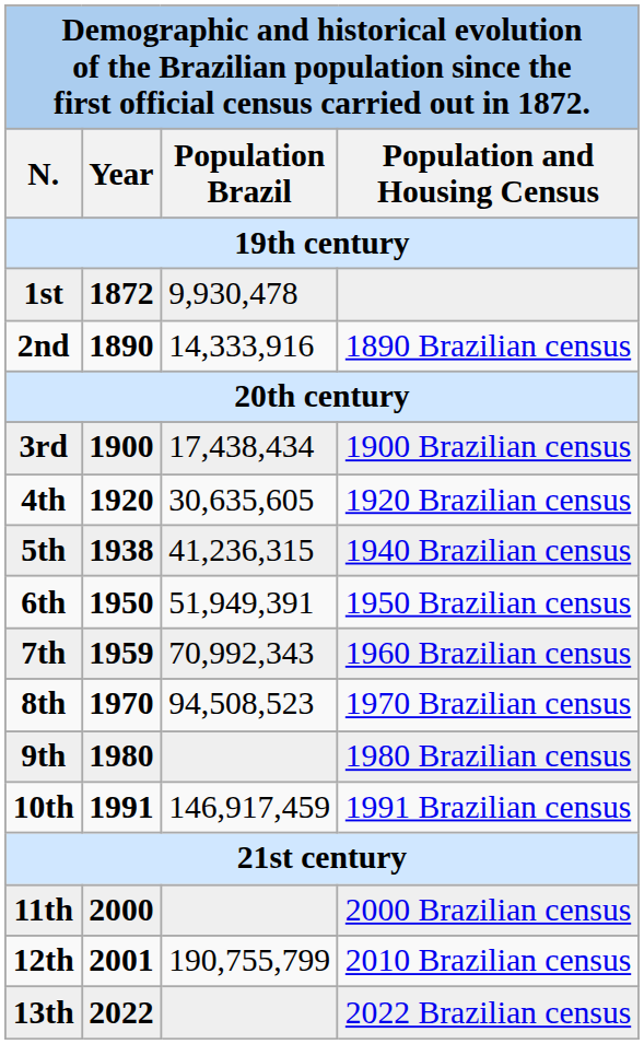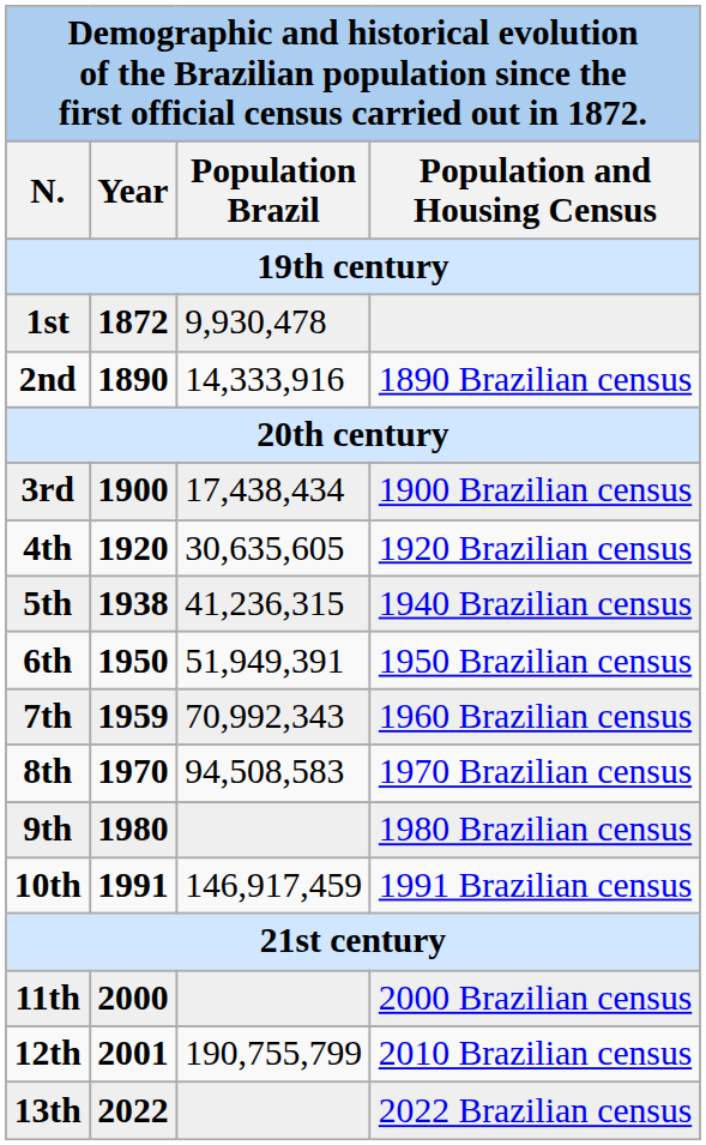 <table class="wikitable">
 <tr>
 <th colspan= "4" style="text-align:center; background:#abcdef;">Demographic and historical evolution <br>of the Brazilian population since the <br> first official census carried out in 1872.</th>
 </tr>
 <tr>
 <th>N.</th>
 <th>Year</th>
 <th>Population<br>Brazil</th>
 <th>Population and <br> Housing Census</th>
 </tr>
 <tr align="center">
 <td colspan="4" style="background:#D0E7FF"><strong>19th century</strong></td>
 </tr>
 <tr align="center" style="background:#efefef; color:black">
 <td><strong>1st</strong></td>
 <td><strong>1872</strong></td>
 <td align="left"> 9,930,478</td>
 <td></td>
 </tr>
 <tr align="center">
 <td><strong>2nd</strong></td>
 <td><strong>1890</strong></td>
 <td align="left"> 14,333,916</td>
 <td><a href='#'>1890 Brazilian census</a></td>
 </tr>
 <tr align="center">
 <td colspan="4" style="background:#D0E7FF"><strong>20th century</strong></td>
 </tr>
 <tr align="center" style="background:#efefef; color:black">
 <td><strong>3rd</strong></td>
 <td><strong>1900</strong></td>
 <td align="left"> 17,438,434</td>
 <td><a href='#'>1900 Brazilian census</a></td>
 </tr>
 <tr align="center">
 <td><strong>4th</strong></td>
 <td><strong>1920</strong></td>
 <td align="left"> 30,635,605</td>
 <td><a href='#'>1920 Brazilian census</a></td>
 </tr>
 <tr align="center" style="background:#efefef; color:black">
 <td><strong>5th</strong></td>
 <td><strong>1938</strong></td>
 <td align="left"> 41,236,315</td>
 <td><a href='#'>1940 Brazilian census</a></td>
 </tr>
 <tr align="center">
 <td><strong>6th</strong></td>
 <td><strong>1950</strong></td>
 <td align="left"> 51,949,391</td>
 <td><a href='#'>1950 Brazilian census</a></td>
 </tr>
 <tr align="center" style="background:#efefef; color:black">
 <td><strong>7th</strong></td>
 <td><strong>1959</strong></td>
 <td align="left"> 70,992,343</td>
 <td><a href='#'>1960 Brazilian census</a></td>
 </tr>
 <tr align="center">
 <td><strong>8th</strong></td>
 <td><strong>1970</strong></td>
-<td align="left"> 94,508,523</td>
+<td align="left"> 94,508,583</td>
 <td><a href='#'>1970 Brazilian census</a></td>
 </tr>
 <tr align="center" style="background:#efefef; color:black">
 <td><strong>9th</strong></td>
 <td><strong>1980</strong></td>
 <td align="left"></td>
 <td><a href='#'>1980 Brazilian census</a></td>
 </tr>
 <tr align="center">
 <td><strong>10th</strong></td>
 <td><strong>1991</strong></td>
 <td align="left"> 146,917,459</td>
 <td><a href='#'>1991 Brazilian census</a></td>
 </tr>
 <tr align="center">
 <td colspan="4" style="background:#D0E7FF"><strong>21st century</strong></td>
 </tr>
 <tr align="center" style="background:#efefef; color:black">
 <td><strong>11th</strong></td>
 <td><strong>2000</strong></td>
 <td align="left"></td>
 <td><a href='#'>2000 Brazilian census</a></td>
 </tr>
 <tr align="center">
 <td><strong>12th</strong></td>
 <td><strong>2001</strong></td>
 <td align="left"> 190,755,799</td>
 <td><a href='#'>2010 Brazilian census</a></td>
 </tr>
 <tr align="center" style="background:#efefef; color:black">
 <td><strong>13th</strong></td>
 <td><strong>2022</strong></td>
 <td align="left"></td>
 <td><a href='#'>2022 Brazilian census</a></td>
 </tr>
 </table>
